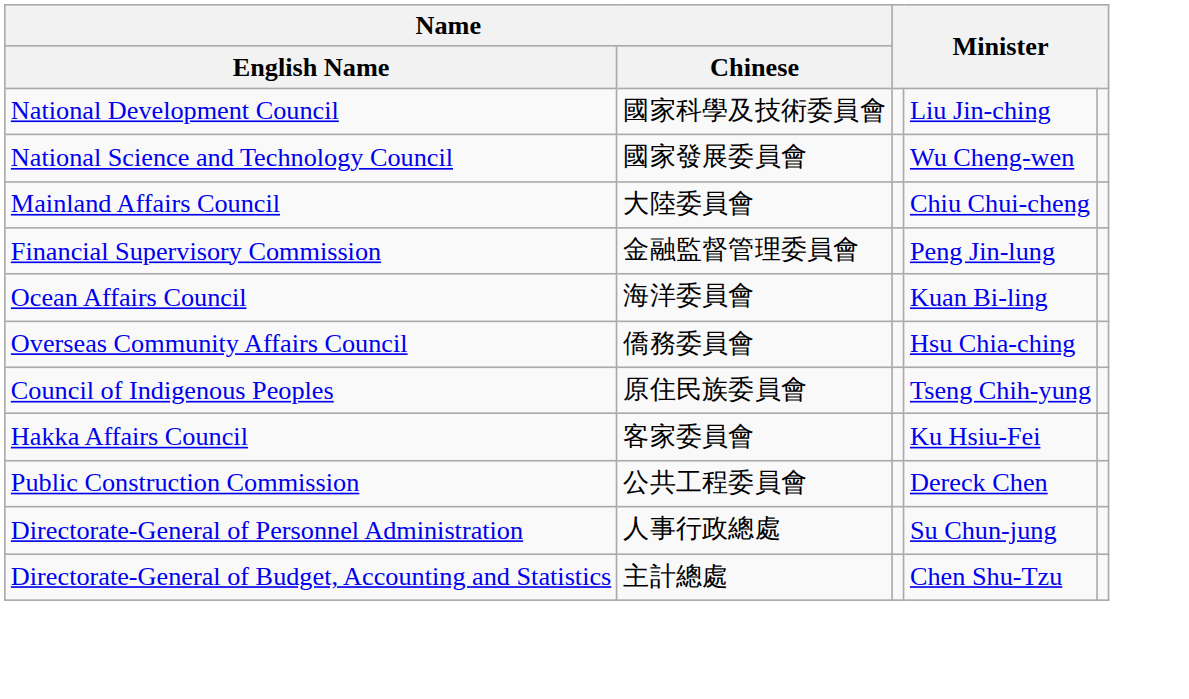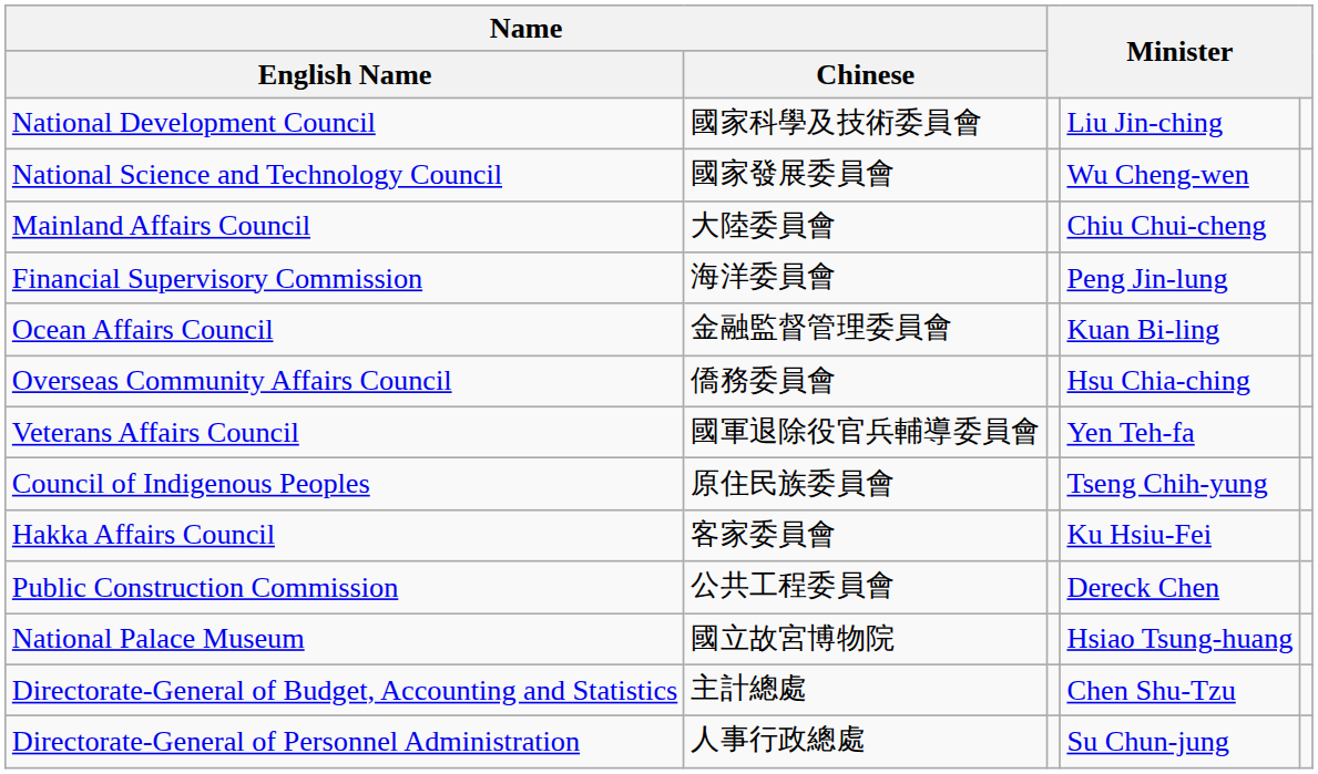 <table class="wikitable sortable">
 <tr>
 <th colspan="2">Name</th>
 <th colspan="3" rowspan="2">Minister</th>
 </tr>
 <tr>
 <th>English Name</th>
 <th>Chinese</th>
 </tr>
 <tr>
 <td><a href='#'>National Development Council</a></td>
 <td>國家科學及技術委員會</td>
 <td style="background:"></td>
 <td><a href='#'>Liu Jin-ching</a></td>
 <td></td>
 </tr>
 <tr>
 <td><a href='#'>National Science and Technology Council</a></td>
 <td>國家發展委員會</td>
 <td style="background:"></td>
 <td><a href='#'>Wu Cheng-wen</a></td>
 <td></td>
 </tr>
 <tr>
 <td><a href='#'>Mainland Affairs Council</a></td>
 <td>大陸委員會</td>
 <td style="background:"></td>
 <td><a href='#'>Chiu Chui-cheng</a></td>
 <td></td>
 </tr>
 <tr>
 <td><a href='#'>Financial Supervisory Commission</a></td>
-<td>金融監督管理委員會</td>
+<td>海洋委員會</td>
 <td style="background:"></td>
 <td><a href='#'>Peng Jin-lung</a></td>
 <td></td>
 </tr>
 <tr>
 <td><a href='#'>Ocean Affairs Council</a></td>
-<td>海洋委員會</td>
+<td>金融監督管理委員會</td>
 <td style="background:"></td>
 <td><a href='#'>Kuan Bi-ling</a></td>
 <td></td>
 </tr>
 <tr>
 <td><a href='#'>Overseas Community Affairs Council</a></td>
 <td>僑務委員會</td>
 <td style="background:"></td>
 <td><a href='#'>Hsu Chia-ching</a></td>
+<td></td>
+</tr>
+<tr>
+<td><a href='#'>Veterans Affairs Council</a></td>
+<td>國軍退除役官兵輔導委員會</td>
+<td style="background:"></td>
+<td><a href='#'>Yen Teh-fa</a></td>
 <td></td>
 </tr>
 <tr>
 <td><a href='#'>Council of Indigenous Peoples</a></td>
 <td>原住民族委員會</td>
 <td style="background:"></td>
 <td><a href='#'>Tseng Chih-yung</a></td>
 <td></td>
 </tr>
 <tr>
 <td><a href='#'>Hakka Affairs Council</a></td>
 <td>客家委員會</td>
 <td style="background:"></td>
 <td><a href='#'>Ku Hsiu-Fei</a></td>
 <td></td>
 </tr>
 <tr>
 <td><a href='#'>Public Construction Commission</a></td>
 <td>公共工程委員會</td>
 <td style="background:"></td>
 <td><a href='#'>Dereck Chen</a></td>
 <td></td>
 </tr>
 <tr>
-<td><a href='#'>Directorate-General of Personnel Administration</a></td>
-<td>人事行政總處</td>
+<td><a href='#'>National Palace Museum</a></td>
+<td>國立故宮博物院</td>
 <td style="background:"></td>
-<td><a href='#'>Su Chun-jung</a></td>
+<td><a href='#'>Hsiao Tsung-huang</a></td>
 <td></td>
 </tr>
 <tr>
 <td><a href='#'>Directorate-General of Budget, Accounting and Statistics</a></td>
 <td>主計總處</td>
 <td style="background:"></td>
 <td><a href='#'>Chen Shu-Tzu</a></td>
 <td></td>
 </tr>
+<tr>
+<td><a href='#'>Directorate-General of Personnel Administration</a></td>
+<td>人事行政總處</td>
+<td style="background:"></td>
+<td><a href='#'>Su Chun-jung</a></td>
+<td></td>
+</tr>
 </table>
